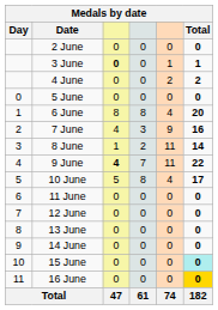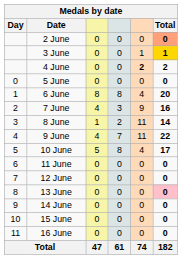 <table class="wikitable" style="font-size:90%; text-align:center;">
 <tr style="background:#efefef;">
 <th colspan=6>Medals by date</th>
 </tr>
 <tr>
 <th width=30>Day</th>
 <th width=90>Date</th>
 <th width=30 style="background:#F7F6A8;"></th>
 <th width=30 style="background:#DCE5E5;"></th>
 <th width=30 style="background:#FFDAB9;"></th>
 <th width=30>Total</th>
 </tr>
 <tr>
 <td></td>
 <td>2 June</td>
 <td style="background:#F7F6A8;">0</td>
 <td style="background:#DCE5E5;">0</td>
 <td style="background:#FFDAB9;">0</td>
-<td><strong>0</strong></td>
+<td style="background: lightsalmon;"><strong>0</strong></td>
 </tr>
 <tr>
 <td></td>
 <td>3 June</td>
-<td style="background:#F7F6A8;"><strong>0</strong></td>
+<td style="background:#F7F6A8;">0</td>
 <td style="background:#DCE5E5;">0</td>
 <td style="background:#FFDAB9;">1</td>
-<td><strong>1</strong></td>
+<td style="background: gold;"><strong>1</strong></td>
 </tr>
 <tr>
 <td></td>
 <td>4 June</td>
 <td style="background:#F7F6A8;">0</td>
 <td style="background:#DCE5E5;">0</td>
-<td style="background:#FFDAB9;">2</td>
+<td style="background:#FFDAB9;"><strong>2</strong></td>
 <td><strong>2</strong></td>
 </tr>
 <tr>
 <td>0</td>
 <td>5 June</td>
 <td style="background:#F7F6A8;">0</td>
 <td style="background:#DCE5E5;">0</td>
 <td style="background:#FFDAB9;">0</td>
 <td><strong>0</strong></td>
 </tr>
 <tr>
 <td>1</td>
 <td>6 June</td>
 <td style="background:#F7F6A8;">8</td>
 <td style="background:#DCE5E5;">8</td>
 <td style="background:#FFDAB9;">4</td>
 <td><strong>20</strong></td>
 </tr>
 <tr>
 <td>2</td>
 <td>7 June</td>
 <td style="background:#F7F6A8;">4</td>
 <td style="background:#DCE5E5;">3</td>
 <td style="background:#FFDAB9;">9</td>
 <td><strong>16</strong></td>
 </tr>
 <tr>
 <td>3</td>
 <td>8 June</td>
 <td style="background:#F7F6A8;">1</td>
 <td style="background:#DCE5E5;">2</td>
 <td style="background:#FFDAB9;">11</td>
 <td><strong>14</strong></td>
 </tr>
 <tr>
 <td>4</td>
 <td>9 June</td>
-<td style="background:#F7F6A8;"><strong>4</strong></td>
+<td style="background:#F7F6A8;">4</td>
 <td style="background:#DCE5E5;">7</td>
 <td style="background:#FFDAB9;">11</td>
 <td><strong>22</strong></td>
 </tr>
 <tr>
 <td>5</td>
 <td>10 June</td>
 <td style="background:#F7F6A8;">5</td>
 <td style="background:#DCE5E5;">8</td>
 <td style="background:#FFDAB9;">4</td>
 <td><strong>17</strong></td>
 </tr>
 <tr>
 <td>6</td>
 <td>11 June</td>
 <td style="background:#F7F6A8;">0</td>
 <td style="background:#DCE5E5;">0</td>
 <td style="background:#FFDAB9;">0</td>
 <td><strong>0</strong></td>
 </tr>
 <tr>
 <td>7</td>
 <td>12 June</td>
 <td style="background:#F7F6A8;">0</td>
 <td style="background:#DCE5E5;">0</td>
 <td style="background:#FFDAB9;">0</td>
 <td><strong>0</strong></td>
 </tr>
 <tr>
 <td>8</td>
 <td>13 June</td>
 <td style="background:#F7F6A8;">0</td>
 <td style="background:#DCE5E5;">0</td>
 <td style="background:#FFDAB9;">0</td>
-<td><strong>0</strong></td>
+<td style="background: pink;"><strong>0</strong></td>
 </tr>
 <tr>
 <td>9</td>
 <td>14 June</td>
 <td style="background:#F7F6A8;">0</td>
 <td style="background:#DCE5E5;">0</td>
 <td style="background:#FFDAB9;">0</td>
 <td><strong>0</strong></td>
 </tr>
 <tr>
 <td>10</td>
 <td>15 June</td>
 <td style="background:#F7F6A8;">0</td>
 <td style="background:#DCE5E5;">0</td>
 <td style="background:#FFDAB9;">0</td>
-<td style="background: paleturquoise;"><strong>0</strong></td>
+<td><strong>0</strong></td>
 </tr>
 <tr>
 <td>11</td>
 <td>16 June</td>
 <td style="background:#F7F6A8;">0</td>
 <td style="background:#DCE5E5;">0</td>
 <td style="background:#FFDAB9;">0</td>
-<td style="background: gold;"><strong>0</strong></td>
+<td><strong>0</strong></td>
 </tr>
 <tr>
 <th colspan="2">Total</th>
 <th>47</th>
 <th>61</th>
 <th>74</th>
 <th>182</th>
 </tr>
 </table>
